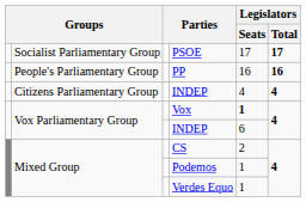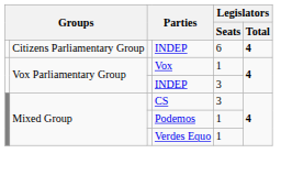 <table class="wikitable" style="text-align:left;">
 <tr>
 <th rowspan="2" colspan="2">Groups</th>
 <th rowspan="2" colspan="2">Parties</th>
 <th colspan="2">Legislators</th>
 </tr>
 <tr>
 <th>Seats</th>
 <th>Total</th>
 </tr>
 <tr>
-<td width="1" style="color:inherit;background:"></td>
-<td>Socialist Parliamentary Group</td>
-<td width="1" style="color:inherit;background:"></td>
-<td><a href='#'>PSOE</a></td>
-<td>17</td>
-<td><strong>17</strong></td>
-</tr>
-<tr>
-<td style="color:inherit;background:"></td>
-<td>People's Parliamentary Group</td>
-<td style="color:inherit;background:"></td>
-<td><a href='#'>PP</a></td>
-<td>16</td>
-<td><strong>16</strong></td>
-</tr>
-<tr>
 <td style="color:inherit;background:"></td>
 <td>Citizens Parliamentary Group</td>
 <td style="color:inherit;background:"></td>
 <td><a href='#'>INDEP</a></td>
-<td>4</td>
+<td>6</td>
 <td><strong>4</strong></td>
 </tr>
 <tr>
 <td rowspan="2" style="color:inherit;background:"></td>
 <td rowspan="2">Vox Parliamentary Group</td>
 <td style="color:inherit;background:"></td>
 <td><a href='#'>Vox</a></td>
-<td><strong>1</strong></td>
+<td>1</td>
 <td rowspan="2"><strong>4</strong></td>
 </tr>
 <tr>
 <td style="color:inherit;background:"></td>
 <td><a href='#'>INDEP</a></td>
-<td>6</td>
+<td>3</td>
 </tr>
 <tr>
 <td rowspan="3" bgcolor="gray"></td>
 <td rowspan="3">Mixed Group</td>
 <td style="color:inherit;background:"></td>
 <td><a href='#'>CS</a></td>
-<td>2</td>
+<td>3</td>
 <td rowspan="3"><strong>4</strong></td>
 </tr>
 <tr>
 <td style="color:inherit;background:"></td>
 <td><a href='#'>Podemos</a></td>
 <td>1</td>
 </tr>
 <tr>
 <td style="color:inherit;background:"></td>
 <td><a href='#'>Verdes Equo</a></td>
 <td>1</td>
 </tr>
 </table>
